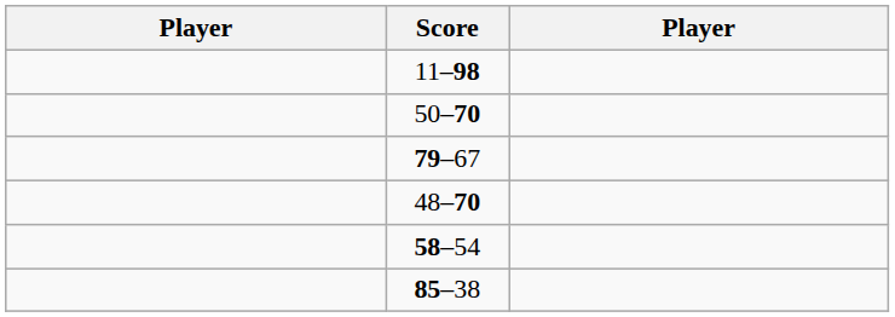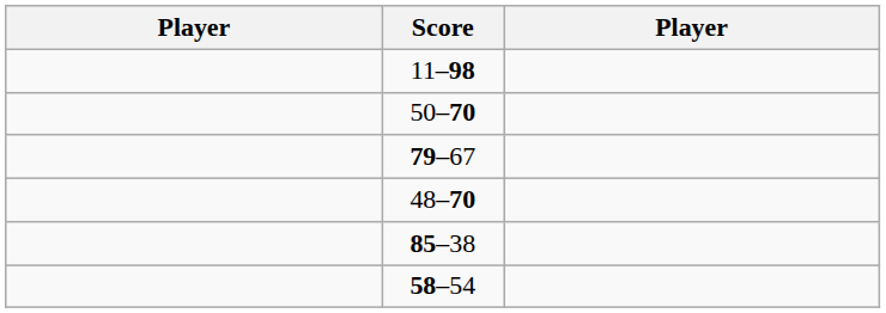 <table class="wikitable " style="font-size: 90%;">
 <tr>
 <th width=200>Player</th>
 <th width=60>Score</th>
 <th width=200>Player</th>
 </tr>
 <tr>
 <td></td>
 <td align="center">11–<strong>98</strong></td>
 <td><strong></strong></td>
 </tr>
 <tr>
 <td></td>
 <td align="center">50–<strong>70</strong></td>
 <td><strong></strong></td>
 </tr>
 <tr>
 <td><strong></strong></td>
 <td align="center"><strong>79</strong>–67</td>
 <td></td>
 </tr>
 <tr>
 <td></td>
 <td align="center">48–<strong>70</strong></td>
 <td><strong></strong></td>
 </tr>
 <tr>
 <td><strong></strong></td>
-<td align="center"><strong>58</strong>–54</td>
+<td align="center"><strong>85</strong>–38</td>
 <td></td>
 </tr>
 <tr>
 <td><strong></strong></td>
-<td align="center"><strong>85</strong>–38</td>
+<td align="center"><strong>58</strong>–54</td>
 <td></td>
 </tr>
 </table>
